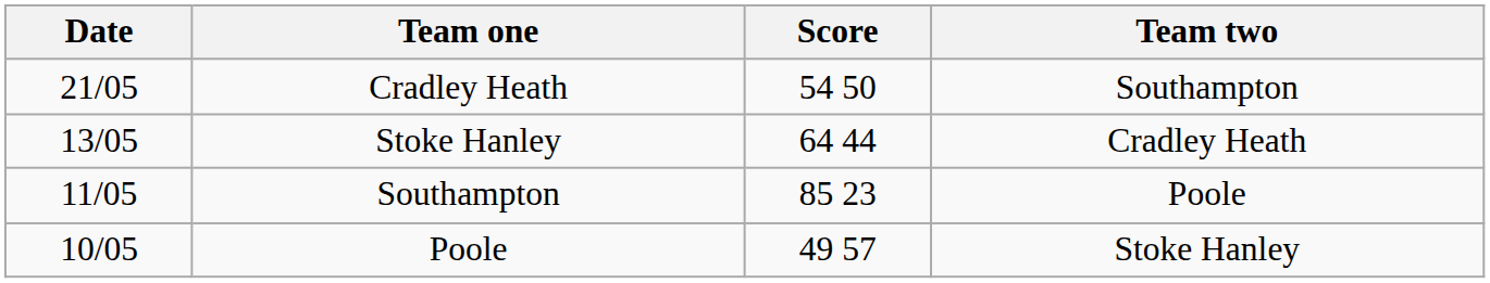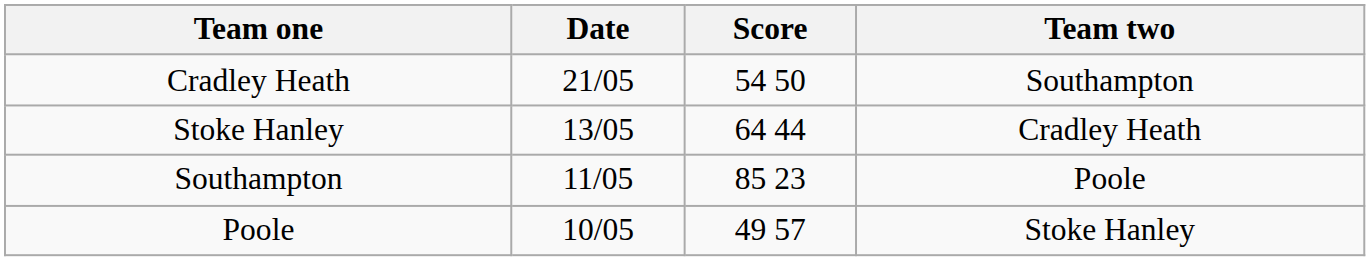 <table class="wikitable" style="text-align: center">
 <tr>
+<th width=250>Team one</th>
 <th width=80>Date</th>
-<th width=250>Team one</th>
 <th width=80>Score</th>
 <th width=250>Team two</th>
 </tr>
 <tr>
+<td>Cradley Heath</td>
 <td>21/05</td>
-<td>Cradley Heath</td>
 <td>54	50</td>
 <td>Southampton</td>
 </tr>
 <tr>
+<td>Stoke Hanley</td>
 <td>13/05</td>
-<td>Stoke Hanley</td>
 <td>64	44</td>
 <td>Cradley Heath</td>
 </tr>
 <tr>
+<td>Southampton</td>
 <td>11/05</td>
-<td>Southampton</td>
 <td>85	23</td>
 <td>Poole</td>
 </tr>
 <tr>
+<td>Poole</td>
 <td>10/05</td>
-<td>Poole</td>
 <td>49	57</td>
 <td>Stoke Hanley</td>
 </tr>
 </table>
